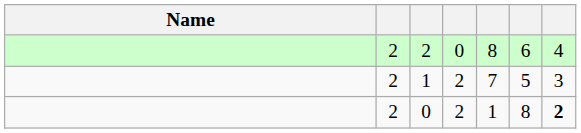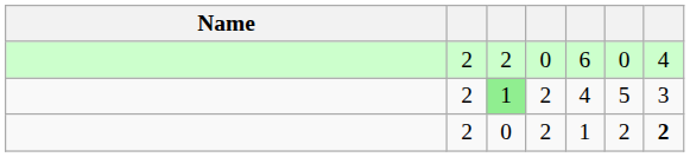 <table class=wikitable style="text-align:center">
 <tr>
 <th width=300>Name</th>
 <th width=20></th>
 <th width=20></th>
 <th width=20></th>
 <th width=20></th>
 <th width=20></th>
 <th width=20></th>
 </tr>
 <tr style="background-color:#ccffcc;">
 <td style="text-align:left;"></td>
 <td>2</td>
 <td>2</td>
 <td>0</td>
-<td>8</td>
 <td>6</td>
+<td>0</td>
 <td>4</td>
 </tr>
 <tr>
 <td style="text-align:left;"></td>
 <td>2</td>
-<td>1</td>
+<td style="background: lightgreen;">1</td>
 <td>2</td>
-<td>7</td>
+<td>4</td>
 <td>5</td>
 <td>3</td>
 </tr>
 <tr>
 <td style="text-align:left;"></td>
 <td>2</td>
 <td>0</td>
 <td>2</td>
 <td>1</td>
-<td>8</td>
+<td>2</td>
 <td><strong>2</strong></td>
 </tr>
 </table>
